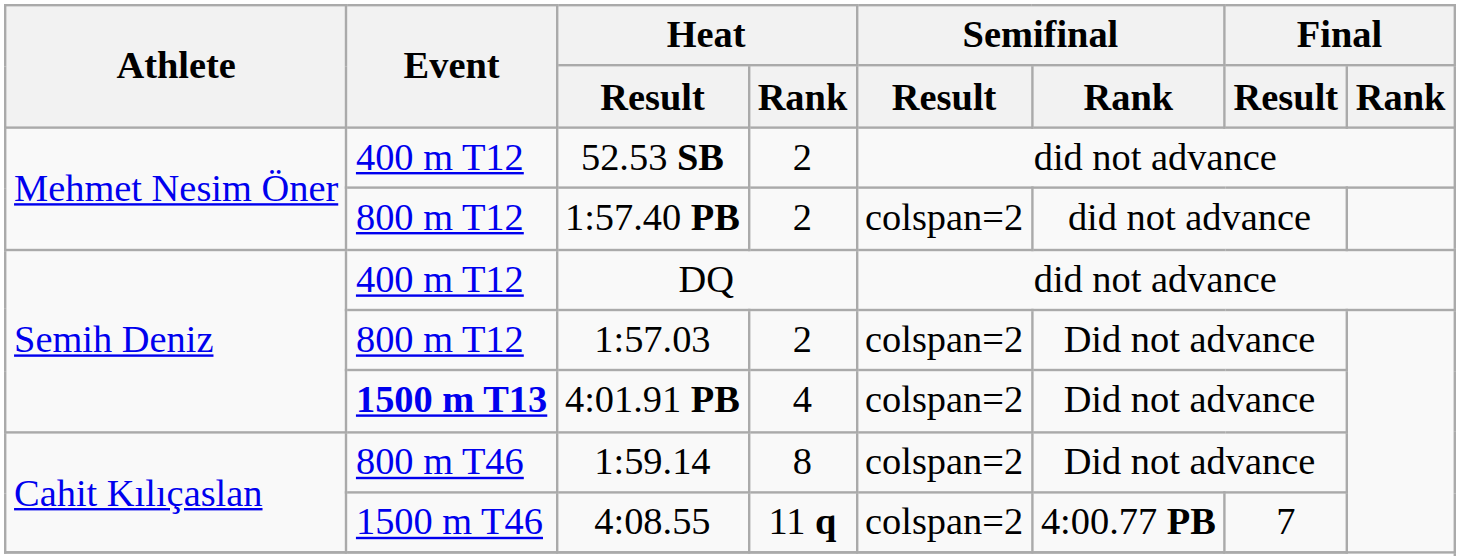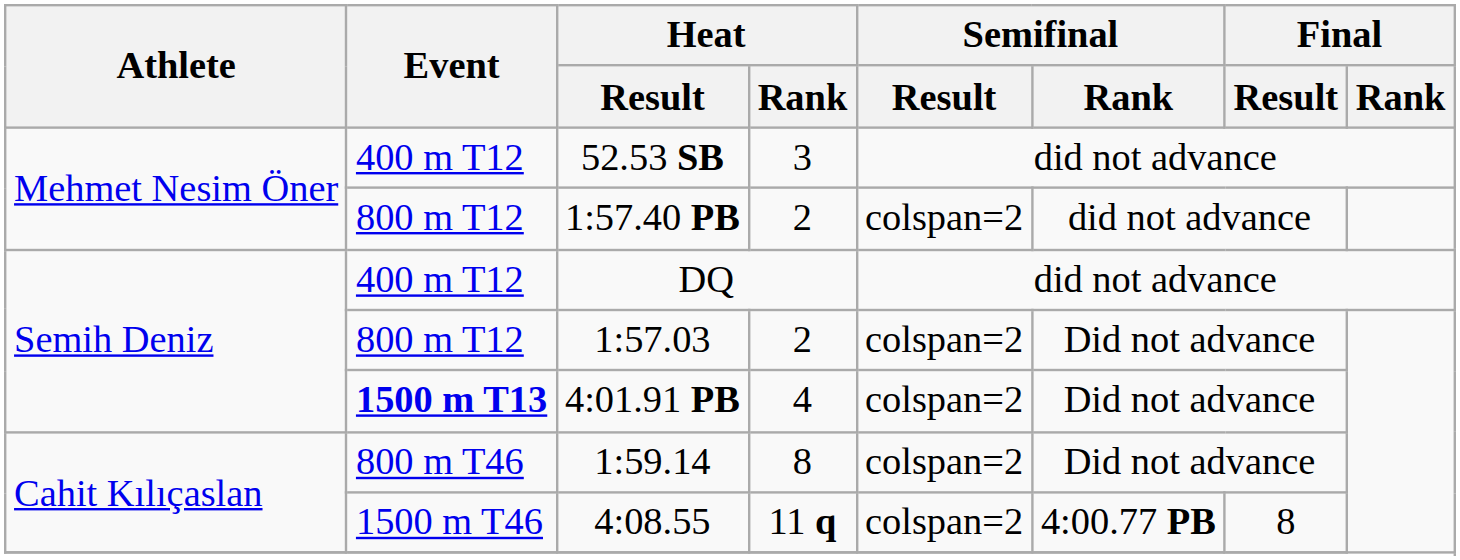 <table class="wikitable">
 <tr>
 <th rowspan="2">Athlete</th>
 <th rowspan="2">Event</th>
 <th colspan="2">Heat</th>
 <th colspan="2">Semifinal</th>
 <th colspan="2">Final</th>
 </tr>
 <tr>
 <th>Result</th>
 <th>Rank</th>
 <th>Result</th>
 <th>Rank</th>
 <th>Result</th>
 <th>Rank</th>
 </tr>
 <tr>
 <td rowspan="2"><a href='#'>Mehmet Nesim Öner</a></td>
 <td><a href='#'>400 m T12</a></td>
 <td align="center">52.53 <strong>SB</strong></td>
-<td align="center">2</td>
+<td align="center">3</td>
 <td align="center" colspan="4">did not advance</td>
 </tr>
 <tr>
 <td><a href='#'>800 m T12</a></td>
 <td align="center">1:57.40 <strong>PB</strong></td>
 <td align="center">2</td>
 <td>colspan=2 </td>
 <td align="center" colspan="2">did not advance</td>
 </tr>
 <tr>
 <td rowspan="3"><a href='#'>Semih Deniz</a></td>
 <td><a href='#'>400 m T12</a></td>
 <td align="center" colspan="2">DQ</td>
 <td align="center" colspan="4">did not advance</td>
 </tr>
 <tr>
 <td><a href='#'>800 m T12</a></td>
 <td align="center">1:57.03</td>
 <td align="center">2</td>
 <td>colspan=2 </td>
 <td align="center" colspan="2">Did not advance</td>
 </tr>
 <tr>
 <td><strong><a href='#'>1500 m T13</a></strong></td>
 <td align="center">4:01.91 <strong>PB</strong></td>
 <td align="center">4</td>
 <td>colspan=2 </td>
 <td align="center" colspan="2">Did not advance</td>
 </tr>
 <tr>
 <td rowspan="2"><a href='#'>Cahit Kılıçaslan</a></td>
 <td><a href='#'>800 m T46</a></td>
 <td align="center">1:59.14</td>
 <td align="center">8</td>
 <td>colspan=2 </td>
 <td align="center" colspan="2">Did not advance</td>
 </tr>
 <tr>
 <td><a href='#'>1500 m T46</a></td>
 <td align="center">4:08.55</td>
 <td align="center">11 <strong>q</strong></td>
 <td>colspan=2 </td>
 <td align="center">4:00.77 <strong>PB</strong></td>
-<td align="center">7</td>
+<td align="center">8</td>
 </tr>
 <tr>
 </tr>
 </table>
